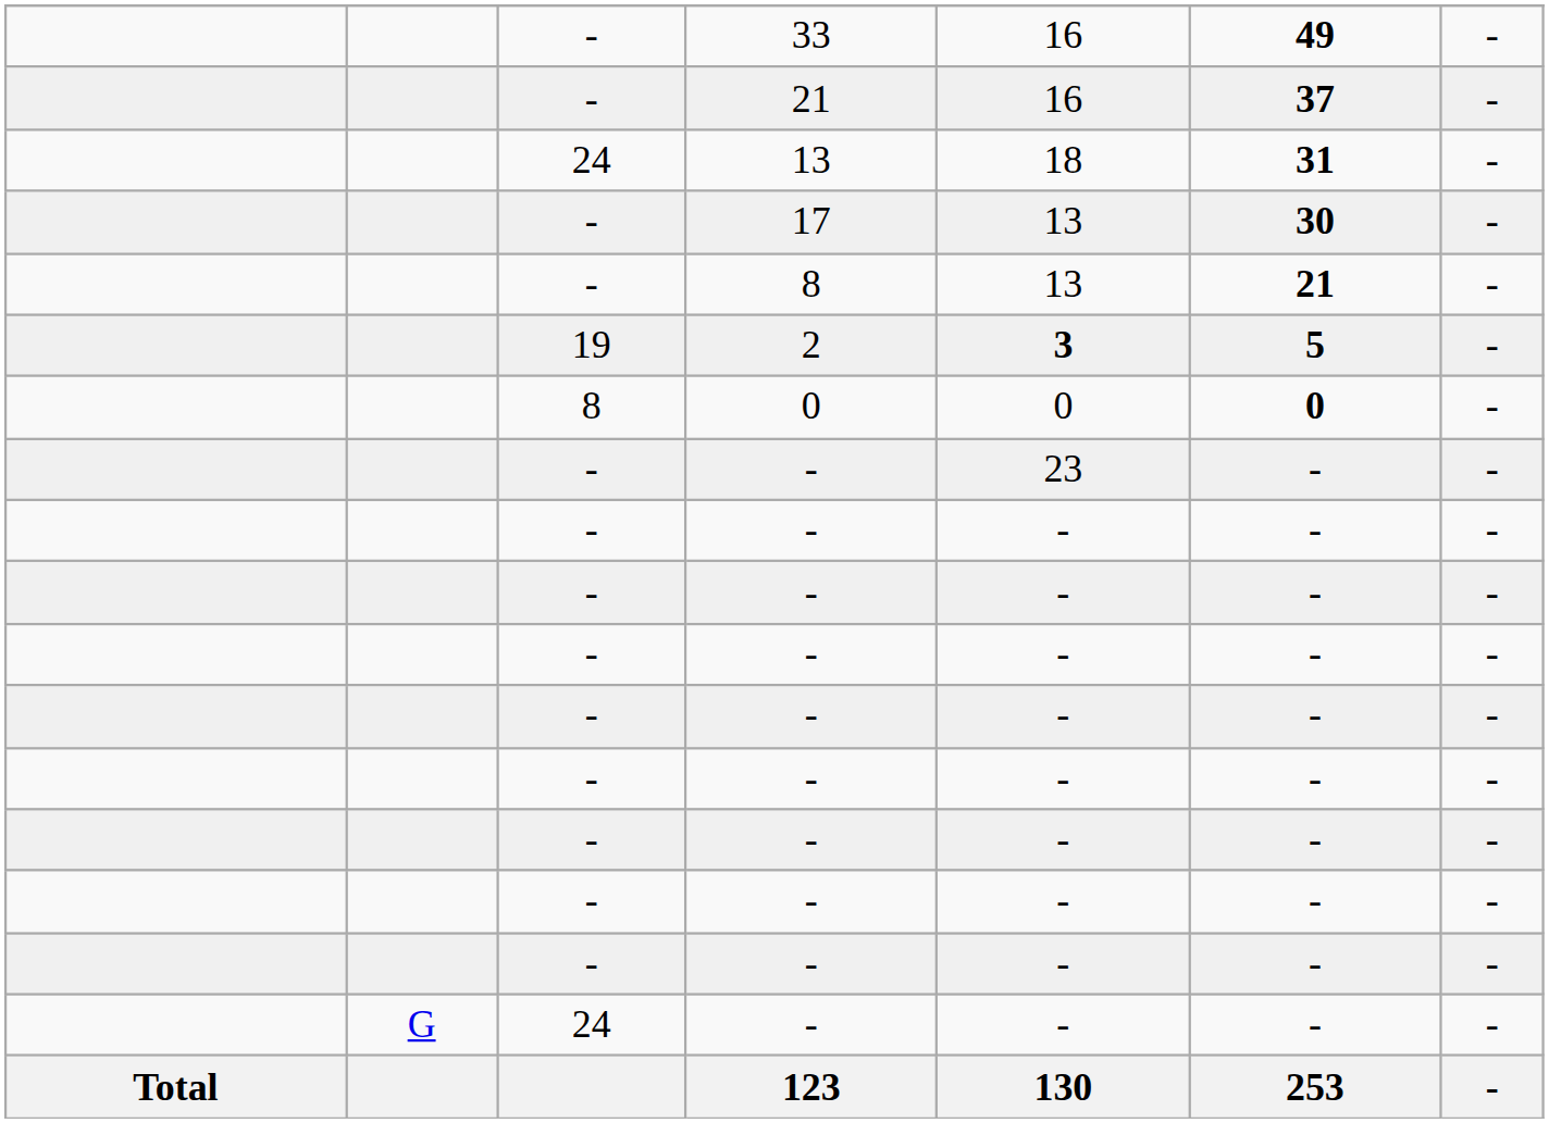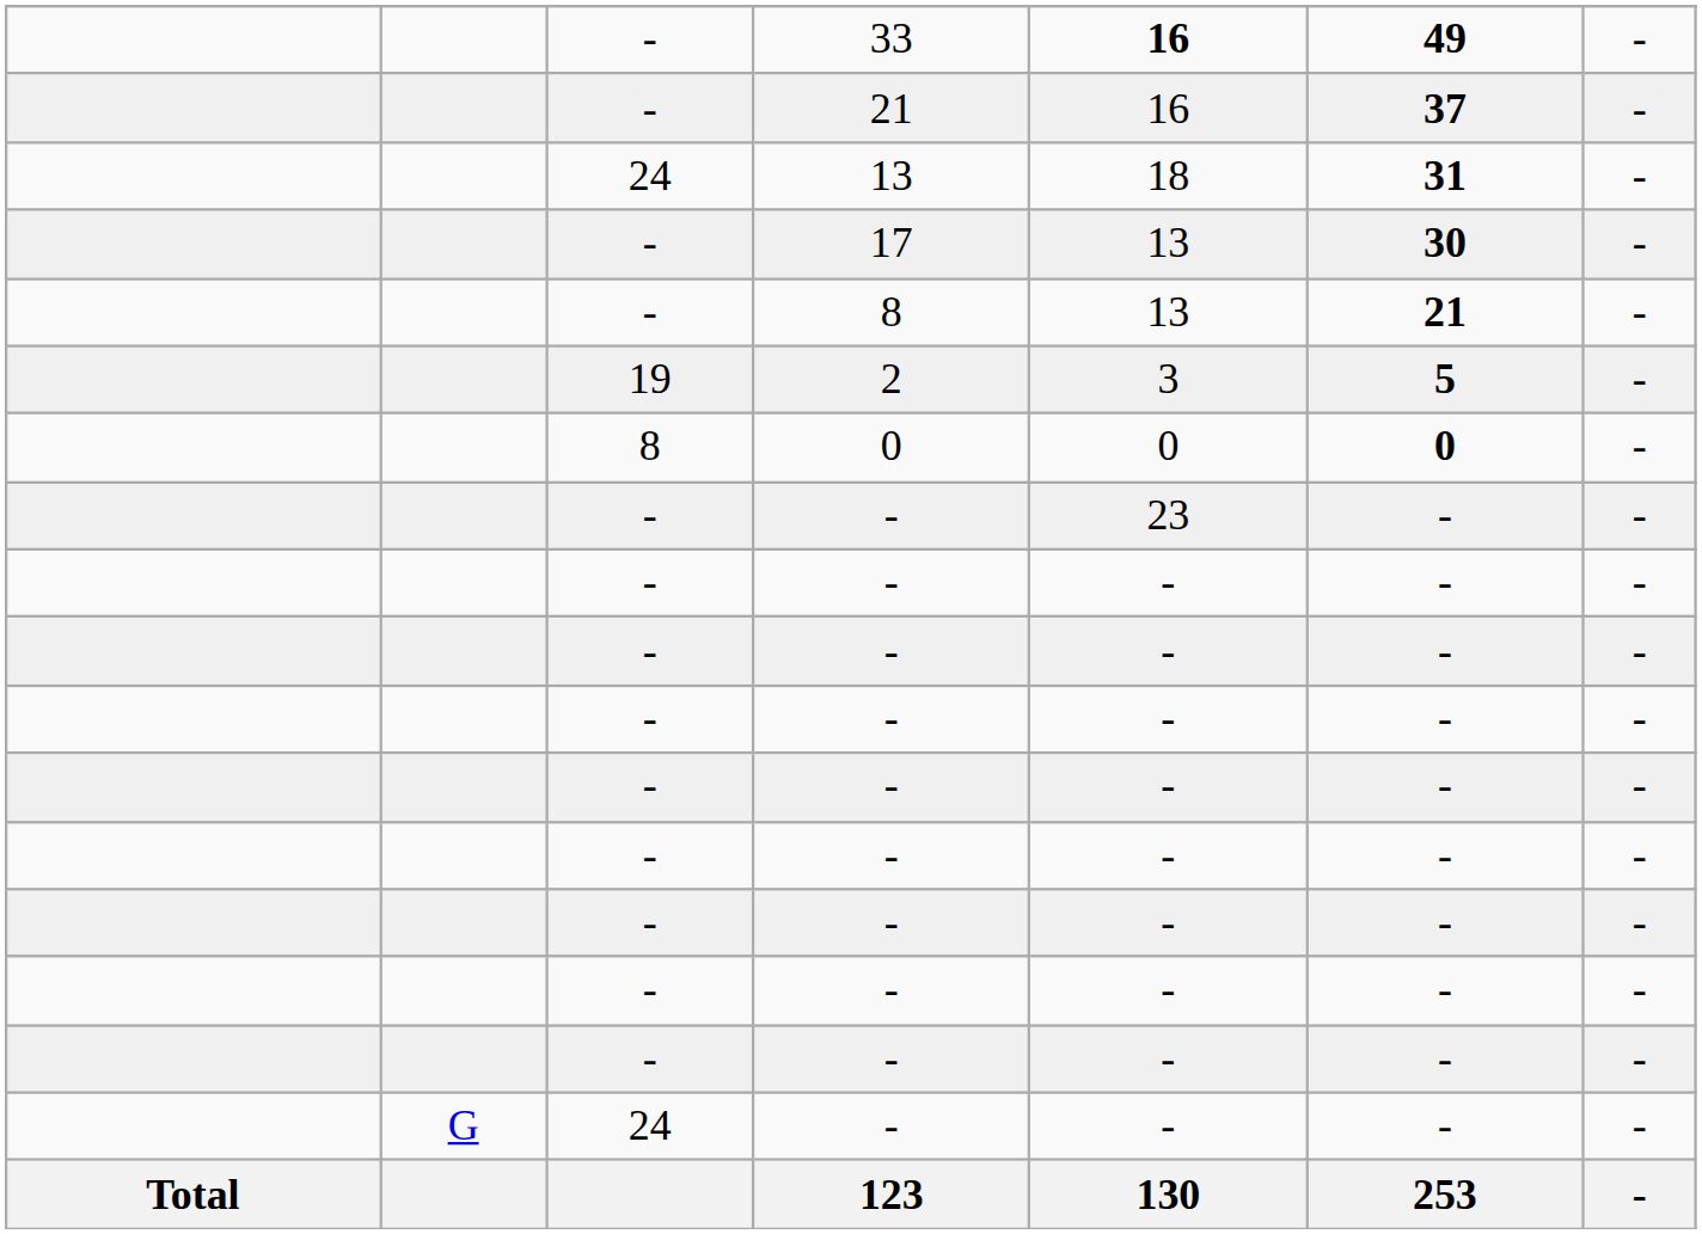 <table class="wikitable sortable" width ="50%">
 <tr align="center">
 </tr>
 <tr align="center" bgcolor="">
 <td></td>
 <td></td>
 <td>-</td>
 <td>33</td>
-<td>16</td>
+<td><strong>16</strong></td>
 <td><strong>49</strong></td>
 <td>-</td>
 </tr>
 <tr align="center" bgcolor="f0f0f0">
 <td></td>
 <td></td>
 <td>-</td>
 <td>21</td>
 <td>16</td>
 <td><strong>37</strong></td>
 <td>-</td>
 </tr>
 <tr align="center" bgcolor="">
 <td></td>
 <td></td>
 <td>24</td>
 <td>13</td>
 <td>18</td>
 <td><strong>31</strong></td>
 <td>-</td>
 </tr>
 <tr align="center" bgcolor="f0f0f0">
 <td></td>
 <td></td>
 <td>-</td>
 <td>17</td>
 <td>13</td>
 <td><strong>30</strong></td>
 <td>-</td>
 </tr>
 <tr align="center" bgcolor="">
 <td></td>
 <td></td>
 <td>-</td>
 <td>8</td>
 <td>13</td>
 <td><strong>21</strong></td>
 <td>-</td>
 </tr>
 <tr align="center" bgcolor="f0f0f0">
 <td></td>
 <td></td>
 <td>19</td>
 <td>2</td>
-<td><strong>3</strong></td>
+<td>3</td>
 <td><strong>5</strong></td>
 <td>-</td>
 </tr>
 <tr align="center" bgcolor="">
 <td></td>
 <td></td>
 <td>8</td>
 <td>0</td>
 <td>0</td>
 <td><strong>0</strong></td>
 <td>-</td>
 </tr>
 <tr align="center" bgcolor="f0f0f0">
 <td></td>
 <td></td>
 <td>-</td>
 <td>-</td>
 <td>23</td>
 <td>-</td>
 <td>-</td>
 </tr>
 <tr align="center" bgcolor="">
 <td></td>
 <td></td>
 <td>-</td>
 <td>-</td>
 <td>-</td>
 <td>-</td>
 <td>-</td>
 </tr>
 <tr align="center" bgcolor="f0f0f0">
 <td></td>
 <td></td>
 <td>-</td>
 <td>-</td>
 <td>-</td>
 <td>-</td>
 <td>-</td>
 </tr>
 <tr align="center" bgcolor="">
 <td></td>
 <td></td>
 <td>-</td>
 <td>-</td>
 <td>-</td>
 <td>-</td>
 <td>-</td>
 </tr>
 <tr align="center" bgcolor="f0f0f0">
 <td></td>
 <td></td>
 <td>-</td>
 <td>-</td>
 <td>-</td>
 <td>-</td>
 <td>-</td>
 </tr>
 <tr align="center" bgcolor="">
 <td></td>
 <td></td>
 <td>-</td>
 <td>-</td>
 <td>-</td>
 <td>-</td>
 <td>-</td>
 </tr>
 <tr align="center" bgcolor="f0f0f0">
 <td></td>
 <td></td>
 <td>-</td>
 <td>-</td>
 <td>-</td>
 <td>-</td>
 <td>-</td>
 </tr>
 <tr align="center" bgcolor="">
 <td></td>
 <td></td>
 <td>-</td>
 <td>-</td>
 <td>-</td>
 <td>-</td>
 <td>-</td>
 </tr>
 <tr align="center" bgcolor="f0f0f0">
 <td></td>
 <td></td>
 <td>-</td>
 <td>-</td>
 <td>-</td>
 <td>-</td>
 <td>-</td>
 </tr>
 <tr align="center" bgcolor="">
 <td></td>
 <td><a href='#'>G</a></td>
 <td>24</td>
 <td>-</td>
 <td>-</td>
 <td>-</td>
 <td>-</td>
 </tr>
 <tr>
 <th>Total</th>
 <th></th>
 <th></th>
 <th>123</th>
 <th>130</th>
 <th>253</th>
 <th>-</th>
 </tr>
 </table>
